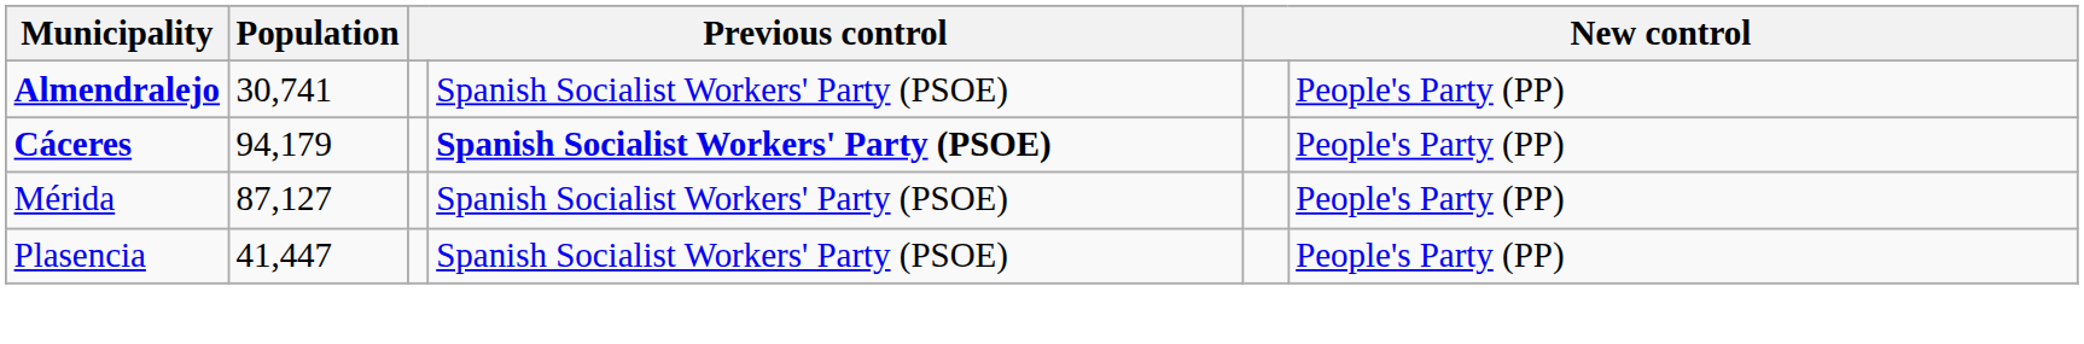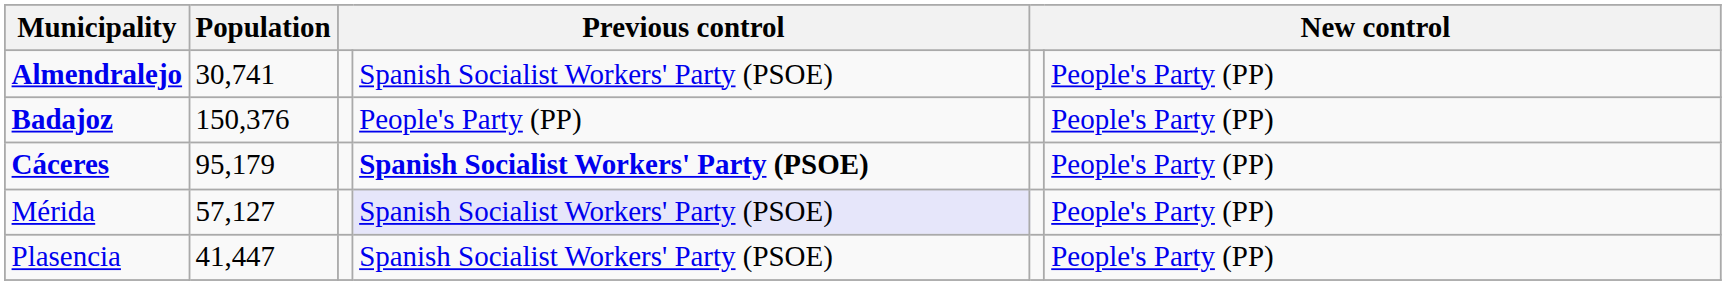 <table class="wikitable sortable">
 <tr>
 <th>Municipality</th>
 <th>Population</th>
 <th colspan="2" style="width:375px;">Previous control</th>
 <th colspan="2" style="width:375px;">New control</th>
 </tr>
 <tr>
 <td><strong><a href='#'>Almendralejo</a></strong></td>
 <td>30,741</td>
 <td style="color:inherit;background:"></td>
 <td><a href='#'>Spanish Socialist Workers' Party</a> (PSOE)</td>
 <td style="color:inherit;background:"></td>
 <td><a href='#'>People's Party</a> (PP)</td>
 </tr>
 <tr>
+<td><strong><a href='#'>Badajoz</a></strong></td>
+<td>150,376</td>
+<td width="1" style="color:inherit;background:"></td>
+<td><a href='#'>People's Party</a> (PP)</td>
+<td width="1" style="color:inherit;background:"></td>
+<td><a href='#'>People's Party</a> (PP)</td>
+</tr>
+<tr>
 <td><strong><a href='#'>Cáceres</a></strong></td>
-<td>94,179</td>
+<td>95,179</td>
 <td style="color:inherit;background:"></td>
 <td><strong><a href='#'>Spanish Socialist Workers' Party</a> (PSOE)</strong></td>
 <td style="color:inherit;background:"></td>
 <td><a href='#'>People's Party</a> (PP)</td>
 </tr>
 <tr>
 <td><a href='#'>Mérida</a></td>
-<td>87,127</td>
+<td>57,127</td>
 <td style="color:inherit;background:"></td>
-<td><a href='#'>Spanish Socialist Workers' Party</a> (PSOE)</td>
+<td style="background: lavender;"><a href='#'>Spanish Socialist Workers' Party</a> (PSOE)</td>
 <td style="color:inherit;background:"></td>
 <td><a href='#'>People's Party</a> (PP)</td>
 </tr>
 <tr>
 <td><a href='#'>Plasencia</a></td>
 <td>41,447</td>
 <td style="color:inherit;background:"></td>
 <td><a href='#'>Spanish Socialist Workers' Party</a> (PSOE)</td>
 <td style="color:inherit;background:"></td>
 <td><a href='#'>People's Party</a> (PP)</td>
 </tr>
 </table>
